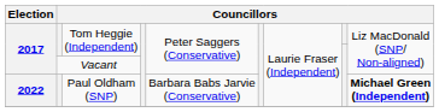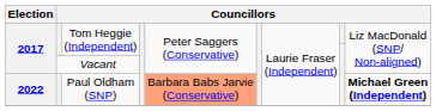 <table class="wikitable" style="text-align:center">
 <tr>
 <th>Election</th>
 <th colspan="8">Councillors</th>
 </tr>
 <tr>
 <th rowspan="3"><a href='#'>2017</a></th>
 <th rowspan="2" ; style="background-color: "></th>
 <td rowspan="2">Tom Heggie <br>(<a href='#'>Independent</a>)</td>
 <th rowspan="4" ; style="background-color: "></th>
 <td rowspan="3">Peter Saggers <br>(<a href='#'>Conservative</a>)</td>
 <th rowspan="4" ; style="background-color: "></th>
 <td rowspan="4">Laurie Fraser <br>(<a href='#'>Independent</a>)</td>
 <th rowspan="1" ; style="height: 20px; background-color: "></th>
 <td rowspan="3">Liz MacDonald <br>(<a href='#'>SNP</a>/<br><a href='#'>Non-aligned</a>)</td>
 </tr>
 <tr>
 <th rowspan="3" ; style="height: 20px; background-color: "></th>
 </tr>
 <tr>
 <td colspan="2" ; style="background-color: "><em>Vacant</em></td>
 </tr>
 <tr>
 <th><a href='#'>2022</a></th>
 <th rowspan="1" ; style="height: 20px; background-color: "></th>
 <td rowspan="1">Paul Oldham <br>(<a href='#'>SNP</a>)</td>
-<td rowspan="1">Barbara Babs Jarvie <br>(<a href='#'>Conservative</a>)</td>
+<td rowspan="1" style="background: lightsalmon;">Barbara Babs Jarvie <br>(<a href='#'>Conservative</a>)</td>
 <td rowspan="1"><strong>Michael Green <br>(<a href='#'>Independent</a>)</strong></td>
 </tr>
 <tr>
 </tr>
 </table>
